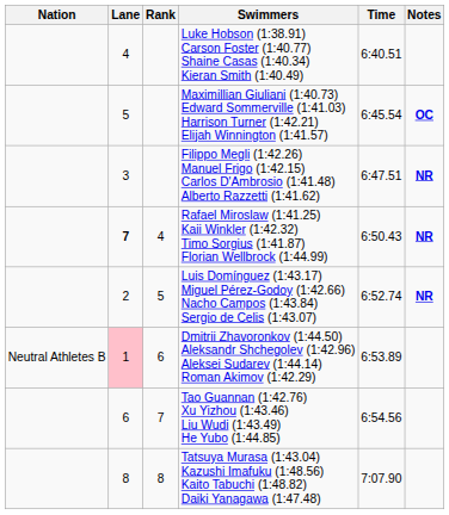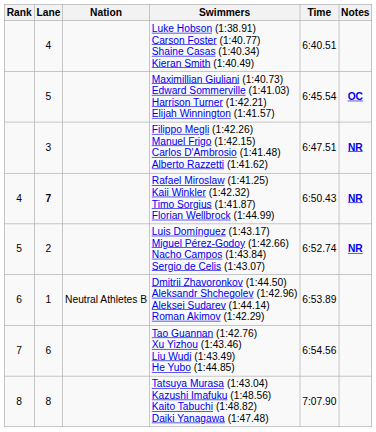 <table class="wikitable sortable" style="text-align:center">
 <tr>
+<th>Rank</th>
+<th>Lane</th>
 <th>Nation</th>
-<th>Lane</th>
-<th>Rank</th>
 <th>Swimmers</th>
 <th>Time</th>
 <th>Notes</th>
 </tr>
 <tr>
+<td></td>
+<td>4</td>
 <td align=left></td>
-<td>4</td>
-<td></td>
 <td align=left><a href='#'>Luke Hobson</a> (1:38.91) <br><a href='#'>Carson Foster</a> (1:40.77)<br><a href='#'>Shaine Casas</a> (1:40.34)<br><a href='#'>Kieran Smith</a> (1:40.49)</td>
 <td>6:40.51</td>
 <td></td>
 </tr>
 <tr>
+<td></td>
+<td>5</td>
 <td align=left></td>
-<td>5</td>
-<td></td>
 <td align=left><a href='#'>Maximillian Giuliani</a> (1:40.73)<br><a href='#'>Edward Sommerville</a> (1:41.03)<br><a href='#'>Harrison Turner</a> (1:42.21)<br><a href='#'>Elijah Winnington</a> (1:41.57)</td>
 <td>6:45.54</td>
 <td><strong><a href='#'>OC</a></strong></td>
 </tr>
 <tr>
+<td></td>
+<td>3</td>
 <td align=left></td>
-<td>3</td>
-<td></td>
 <td align=left><a href='#'>Filippo Megli</a> (1:42.26)<br><a href='#'>Manuel Frigo</a> (1:42.15)<br><a href='#'>Carlos D'Ambrosio</a> (1:41.48)<br><a href='#'>Alberto Razzetti</a> (1:41.62)</td>
 <td>6:47.51</td>
 <td><strong><a href='#'>NR</a></strong></td>
 </tr>
 <tr>
+<td>4</td>
+<td><strong>7</strong></td>
 <td align=left></td>
-<td><strong>7</strong></td>
-<td>4</td>
 <td align=left><a href='#'>Rafael Miroslaw</a> (1:41.25)<br><a href='#'>Kaii Winkler</a> (1:42.32)<br><a href='#'>Timo Sorgius</a> (1:41.87)<br><a href='#'>Florian Wellbrock</a> (1:44.99)</td>
 <td>6:50.43</td>
 <td><strong><a href='#'>NR</a></strong></td>
 </tr>
 <tr>
+<td>5</td>
+<td>2</td>
 <td align=left></td>
-<td>2</td>
-<td>5</td>
 <td align=left><a href='#'>Luis Domínguez</a> (1:43.17)<br><a href='#'>Miguel Pérez-Godoy</a> (1:42.66)<br><a href='#'>Nacho Campos</a> (1:43.84)<br><a href='#'>Sergio de Celis</a> (1:43.07)</td>
 <td>6:52.74</td>
 <td><strong><a href='#'>NR</a></strong></td>
 </tr>
 <tr>
+<td>6</td>
+<td>1</td>
 <td align=left> Neutral Athletes B</td>
-<td style="background: pink;">1</td>
-<td>6</td>
 <td align=left><a href='#'>Dmitrii Zhavoronkov</a> (1:44.50)<br><a href='#'>Aleksandr Shchegolev</a> (1:42.96)<br><a href='#'>Aleksei Sudarev</a> (1:44.14)<br><a href='#'>Roman Akimov</a> (1:42.29)</td>
 <td>6:53.89</td>
 <td></td>
 </tr>
 <tr>
+<td>7</td>
+<td>6</td>
 <td align=left></td>
-<td>6</td>
-<td>7</td>
 <td align=left><a href='#'>Tao Guannan</a> (1:42.76)<br><a href='#'>Xu Yizhou</a> (1:43.46)<br><a href='#'>Liu Wudi</a> (1:43.49)<br><a href='#'>He Yubo</a> (1:44.85)</td>
 <td>6:54.56</td>
 <td></td>
 </tr>
 <tr>
-<td align=left></td>
 <td>8</td>
 <td>8</td>
+<td align=left></td>
 <td align=left><a href='#'>Tatsuya Murasa</a> (1:43.04)<br><a href='#'>Kazushi Imafuku</a> (1:48.56)<br><a href='#'>Kaito Tabuchi</a> (1:48.82)<br><a href='#'>Daiki Yanagawa</a> (1:47.48)</td>
 <td>7:07.90</td>
 <td></td>
 </tr>
 </table>
